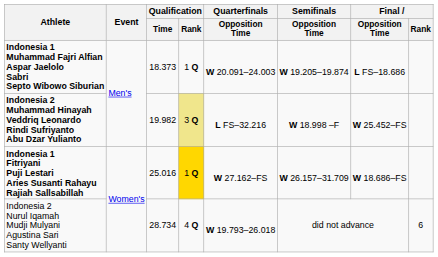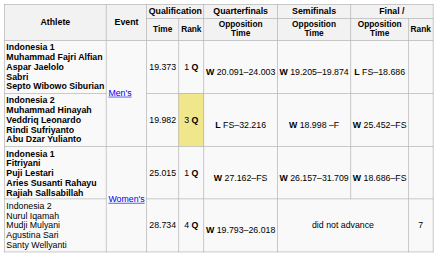 <table class=wikitable style="font-size:90%; text-align:center;">
 <tr>
 <th rowspan="2">Athlete</th>
 <th rowspan="2">Event</th>
 <th colspan=2>Qualification</th>
 <th>Quarterfinals</th>
 <th>Semifinals</th>
 <th colspan=2>Final / </th>
 </tr>
 <tr style="font-size:95%">
 <th>Time</th>
 <th>Rank</th>
 <th>Opposition<br>Time</th>
 <th>Opposition<br>Time</th>
 <th>Opposition<br>Time</th>
 <th>Rank</th>
 </tr>
 <tr>
 <td align=left><strong>Indonesia 1<br>Muhammad Fajri Alfian<br>Aspar Jaelolo<br>Sabri<br>Septo Wibowo Siburian</strong></td>
 <td align=left rowspan=2><a href='#'>Men's</a></td>
-<td>18.373</td>
+<td>19.373</td>
 <td>1 <strong>Q</strong></td>
 <td><br><strong>W</strong> 20.091–24.003</td>
 <td><br><strong>W</strong> 19.205–19.874</td>
 <td><br><strong>L</strong> FS–18.686</td>
 <td></td>
 </tr>
 <tr>
 <td align=left><strong>Indonesia 2<br>Muhammad Hinayah<br>Veddriq Leonardo<br>Rindi Sufriyanto<br>Abu Dzar Yulianto</strong></td>
 <td>19.982</td>
 <td style="background: khaki;">3 <strong>Q</strong></td>
 <td><br><strong>L</strong> FS–32.216</td>
 <td><br><strong>W</strong> 18.998	–F</td>
 <td><br><strong>W</strong> 25.452–FS</td>
 <td></td>
 </tr>
 <tr>
 <td align=left><strong>Indonesia 1<br>Fitriyani<br>Puji Lestari<br>Aries Susanti Rahayu<br>Rajiah Sallsabillah</strong></td>
 <td align=left rowspan=2><a href='#'>Women's</a></td>
-<td>25.016</td>
-<td style="background: gold;">1 <strong>Q</strong></td>
+<td>25.015</td>
+<td>1 <strong>Q</strong></td>
 <td><br><strong>W</strong> 27.162–FS</td>
 <td><br><strong>W</strong> 26.157–31.709</td>
 <td><br><strong>W</strong> 18.686–FS</td>
 <td></td>
 </tr>
 <tr>
 <td align=left>Indonesia 2<br>Nurul Iqamah<br>Mudji Mulyani<br>Agustina Sari<br>Santy Wellyanti</td>
 <td>28.734</td>
 <td>4 <strong>Q</strong></td>
 <td><br><strong>W</strong> 19.793–26.018</td>
 <td colspan=2>did not advance</td>
-<td>6</td>
+<td>7</td>
 </tr>
 </table>
